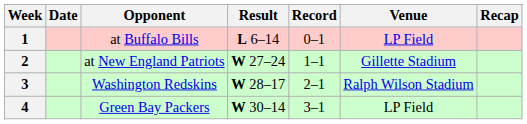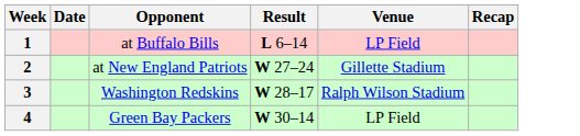 <table class="wikitable" style="text-align:center">
 <tr>
 <th>Week</th>
 <th>Date</th>
 <th>Opponent</th>
 <th>Result</th>
-<th>Record</th>
 <th>Venue</th>
 <th>Recap</th>
 </tr>
 <tr style="background:#fcc;">
 <th>1</th>
 <td></td>
 <td>at <a href='#'>Buffalo Bills</a></td>
 <td><strong>L</strong> 6–14</td>
-<td>0–1</td>
 <td><a href='#'>LP Field</a></td>
 <td></td>
 </tr>
 <tr style="background:#cfc;">
 <th>2</th>
 <td></td>
 <td>at <a href='#'>New England Patriots</a></td>
 <td><strong>W</strong> 27–24</td>
-<td>1–1</td>
 <td><a href='#'>Gillette Stadium</a></td>
 <td></td>
 </tr>
 <tr style="background:#cfc;">
 <th>3</th>
 <td></td>
 <td><a href='#'>Washington Redskins</a></td>
 <td><strong>W</strong> 28–17</td>
-<td>2–1</td>
 <td><a href='#'>Ralph Wilson Stadium</a></td>
 <td></td>
 </tr>
 <tr style="background:#cfc;">
 <th>4</th>
 <td></td>
 <td><a href='#'>Green Bay Packers</a></td>
 <td><strong>W</strong> 30–14</td>
-<td>3–1</td>
 <td>LP Field</td>
 <td></td>
 </tr>
 </table>
